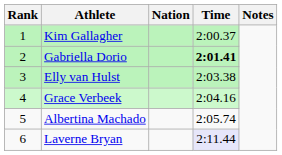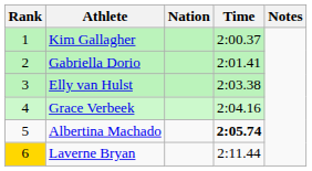 <table class="wikitable sortable" style="text-align:center">
 <tr>
 <th>Rank</th>
 <th>Athlete</th>
 <th>Nation</th>
 <th>Time</th>
 <th>Notes</th>
 </tr>
 <tr style="background:#bbf3bb;">
 <td>1</td>
 <td align=left><a href='#'>Kim Gallagher</a></td>
 <td align=left></td>
 <td>2:00.37</td>
 </tr>
 <tr style="background:#bbf3bb;">
 <td>2</td>
 <td align=left><a href='#'>Gabriella Dorio</a></td>
 <td align=left></td>
-<td><strong>2:01.41</strong></td>
+<td>2:01.41</td>
 </tr>
 <tr style="background:#bbf3bb;">
 <td>3</td>
 <td align=left><a href='#'>Elly van Hulst</a></td>
 <td align=left></td>
 <td>2:03.38</td>
 </tr>
 <tr style="background:#ccf9cc;">
 <td>4</td>
 <td align=left><a href='#'>Grace Verbeek</a></td>
 <td align=left></td>
 <td>2:04.16</td>
 </tr>
 <tr>
 <td>5</td>
 <td align=left><a href='#'>Albertina Machado</a></td>
 <td align=left></td>
-<td>2:05.74</td>
+<td><strong>2:05.74</strong></td>
 </tr>
 <tr>
-<td>6</td>
+<td style="background: gold;">6</td>
 <td align=left><a href='#'>Laverne Bryan</a></td>
 <td align=left></td>
-<td style="background: lavender;">2:11.44</td>
+<td>2:11.44</td>
 </tr>
 </table>
